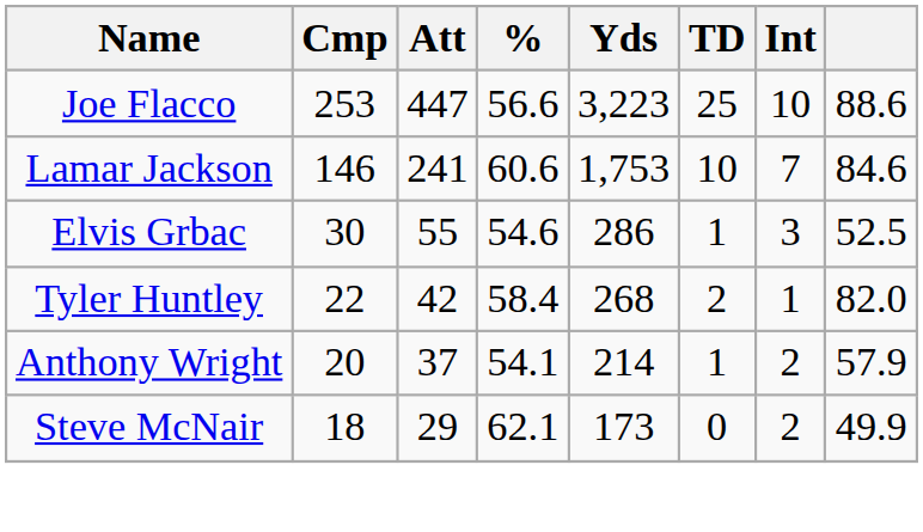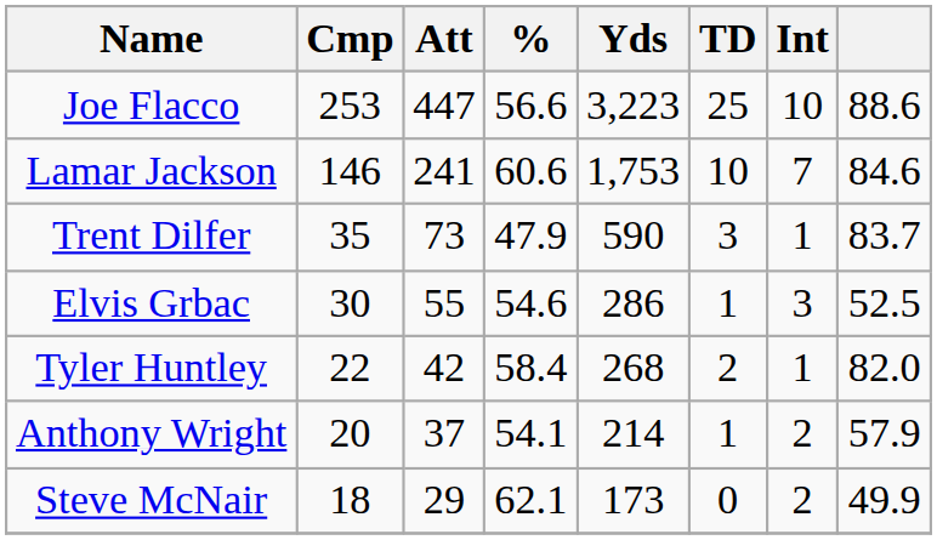 <table class="wikitable sortable" style="text-align:center">
 <tr>
 <th scope="col">Name</th>
 <th scope="col">Cmp</th>
 <th>Att</th>
 <th>%</th>
 <th>Yds</th>
 <th>TD</th>
 <th>Int</th>
 <th></th>
 </tr>
 <tr>
 <td><a href='#'>Joe Flacco</a></td>
 <td>253</td>
 <td>447</td>
 <td>56.6</td>
 <td>3,223</td>
 <td>25</td>
 <td>10</td>
 <td>88.6</td>
 </tr>
 <tr>
 <td><a href='#'>Lamar Jackson</a></td>
 <td>146</td>
 <td>241</td>
 <td>60.6</td>
 <td>1,753</td>
 <td>10</td>
 <td>7</td>
 <td>84.6</td>
+</tr>
+<tr>
+<td><a href='#'>Trent Dilfer</a></td>
+<td>35</td>
+<td>73</td>
+<td>47.9</td>
+<td>590</td>
+<td>3</td>
+<td>1</td>
+<td>83.7</td>
 </tr>
 <tr>
 <td><a href='#'>Elvis Grbac</a></td>
 <td>30</td>
 <td>55</td>
 <td>54.6</td>
 <td>286</td>
 <td>1</td>
 <td>3</td>
 <td>52.5</td>
 </tr>
 <tr>
 <td><a href='#'>Tyler Huntley</a></td>
 <td>22</td>
 <td>42</td>
 <td>58.4</td>
 <td>268</td>
 <td>2</td>
 <td>1</td>
 <td>82.0</td>
 </tr>
 <tr>
 <td><a href='#'>Anthony Wright</a></td>
 <td>20</td>
 <td>37</td>
 <td>54.1</td>
 <td>214</td>
 <td>1</td>
 <td>2</td>
 <td>57.9</td>
 </tr>
 <tr>
 <td><a href='#'>Steve McNair</a></td>
 <td>18</td>
 <td>29</td>
 <td>62.1</td>
 <td>173</td>
 <td>0</td>
 <td>2</td>
 <td>49.9</td>
 </tr>
 <tr>
 </tr>
 </table>
